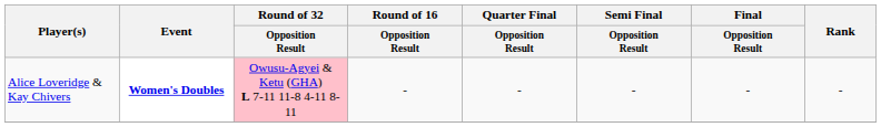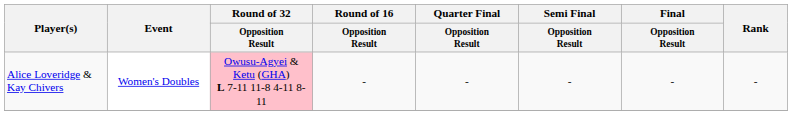 <table class=wikitable style="font-size:90%">
 <tr>
 <th rowspan="2" style="width:125px;">Player(s)</th>
 <th rowspan="2" style="width:125px;">Event</th>
 <th width=125>Round of 32</th>
 <th width=125>Round of 16</th>
 <th width=125>Quarter Final</th>
 <th width=125>Semi Final</th>
 <th width=125>Final</th>
 <th rowspan="2" style="width:75px;">Rank</th>
 </tr>
 <tr>
 <th style="line-height:1em"><small>Opposition<br>Result</small></th>
 <th style="line-height:1em"><small>Opposition<br>Result</small></th>
 <th style="line-height:1em"><small>Opposition<br>Result</small></th>
 <th style="line-height:1em"><small>Opposition<br>Result</small></th>
 <th style="line-height:1em"><small>Opposition<br>Result</small></th>
 </tr>
 <tr>
 <td><a href='#'>Alice Loveridge</a> &<br><a href='#'>Kay Chivers</a></td>
-<td style="text-align:center; background:white;"><strong><a href='#'>Women's Doubles</a></strong></td>
+<td style="text-align:center; background:white;"><a href='#'>Women's Doubles</a></td>
 <td style="text-align:center; background:pink;"> <a href='#'>Owusu-Agyei</a> &<br><a href='#'>Ketu</a> (<a href='#'>GHA</a>)<br><strong>L</strong> 7-11 11-8 4-11 8-11</td>
 <td style="text-align:center; background:#white;">-</td>
 <td style="text-align:center; background:#white;">-</td>
 <td style="text-align:center; background:#white;">-</td>
 <td style="text-align:center; background:#white;">-</td>
 <td style="text-align:center; background:#white;">-</td>
 </tr>
 <tr>
 </tr>
 </table>
